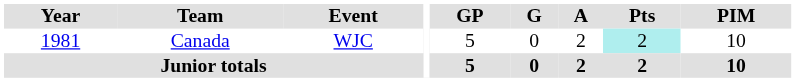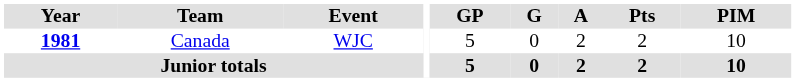 <table border="0" cellpadding="1" cellspacing="0" ID="Table3" style="text-align:center; width:40em">
 <tr ALIGN="center" bgcolor="#e0e0e0">
 <th>Year</th>
 <th>Team</th>
 <th>Event</th>
 <th rowspan="99" bgcolor="#ffffff"></th>
 <th>GP</th>
 <th>G</th>
 <th>A</th>
 <th>Pts</th>
 <th>PIM</th>
 </tr>
 <tr>
-<td><a href='#'>1981</a></td>
+<td><strong><a href='#'>1981</a></strong></td>
 <td><a href='#'>Canada</a></td>
 <td><a href='#'>WJC</a></td>
 <td>5</td>
 <td>0</td>
 <td>2</td>
-<td style="background: paleturquoise;">2</td>
+<td>2</td>
 <td>10</td>
 </tr>
 <tr bgcolor="#e0e0e0">
 <th colspan="3">Junior totals</th>
 <th>5</th>
 <th>0</th>
 <th>2</th>
 <th>2</th>
 <th>10</th>
 </tr>
 </table>
